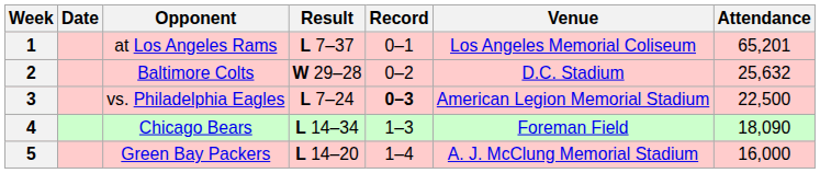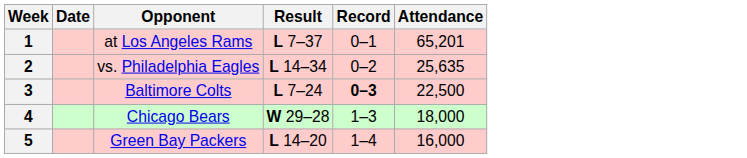 <table class="wikitable" style="text-align:center">
 <tr>
 <th>Week</th>
 <th>Date</th>
 <th>Opponent</th>
 <th>Result</th>
 <th>Record</th>
-<th>Venue</th>
 <th>Attendance</th>
 </tr>
 <tr style="background:#fcc;">
 <th>1</th>
 <td></td>
 <td>at <a href='#'>Los Angeles Rams</a></td>
 <td><strong>L</strong> 7–37</td>
 <td>0–1</td>
-<td><a href='#'>Los Angeles Memorial Coliseum</a></td>
 <td>65,201</td>
 </tr>
 <tr style="background:#fcc;">
 <th>2</th>
 <td></td>
-<td><a href='#'>Baltimore Colts</a></td>
-<td><strong>W</strong> 29–28</td>
+<td>vs. <a href='#'>Philadelphia Eagles</a></td>
+<td><strong>L</strong> 14–34</td>
 <td>0–2</td>
-<td><a href='#'>D.C. Stadium</a></td>
-<td>25,632</td>
+<td>25,635</td>
 </tr>
 <tr style="background:#fcc;">
 <th>3</th>
 <td></td>
-<td>vs. <a href='#'>Philadelphia Eagles</a></td>
+<td><a href='#'>Baltimore Colts</a></td>
 <td><strong>L</strong> 7–24</td>
 <td><strong>0–3</strong></td>
-<td><a href='#'>American Legion Memorial Stadium</a> </td>
 <td>22,500</td>
 </tr>
 <tr style="background:#cfc;">
 <th>4</th>
 <td></td>
 <td><a href='#'>Chicago Bears</a></td>
-<td><strong>L</strong> 14–34</td>
+<td><strong>W</strong> 29–28</td>
 <td>1–3</td>
-<td><a href='#'>Foreman Field</a> </td>
-<td>18,090</td>
+<td>18,000</td>
 </tr>
 <tr style="background:#fcc;">
 <th>5</th>
 <td></td>
 <td><a href='#'>Green Bay Packers</a></td>
 <td><strong>L</strong> 14–20</td>
 <td>1–4</td>
-<td><a href='#'>A. J. McClung Memorial Stadium</a> </td>
 <td>16,000</td>
 </tr>
 </table>
